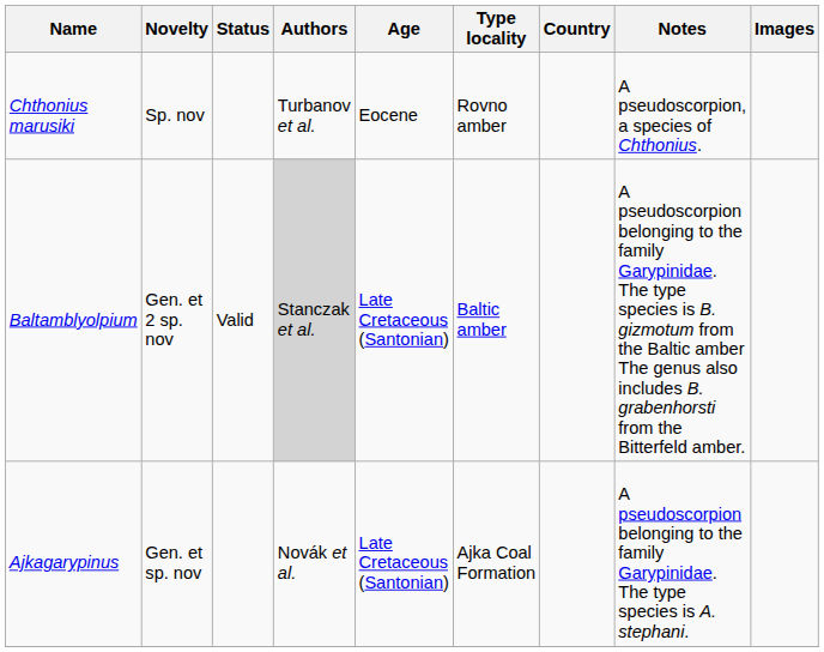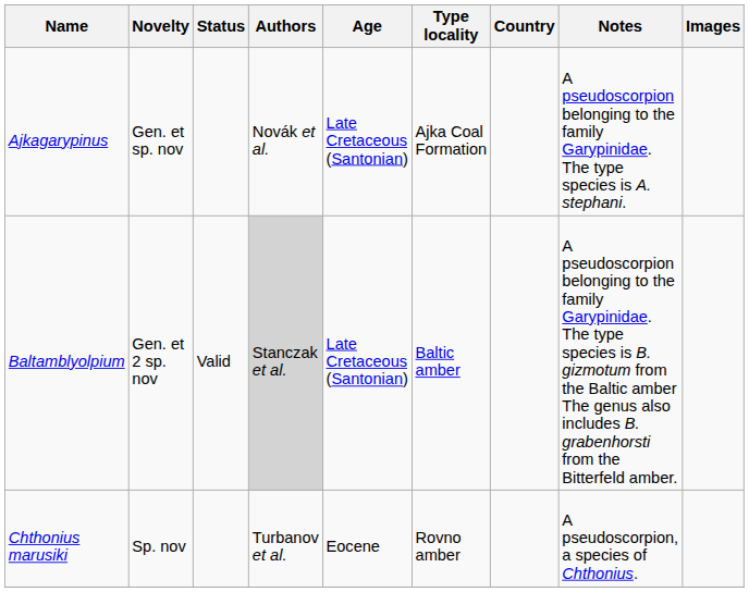 <table class="wikitable sortable" align="center" width="75%">
 <tr>
 <th>Name</th>
 <th>Novelty</th>
 <th>Status</th>
 <th>Authors</th>
 <th>Age</th>
 <th>Type locality</th>
 <th>Country</th>
 <th>Notes</th>
 <th>Images</th>
 </tr>
 <tr>
-<td><br><em><a href='#'>Chthonius marusiki</a></em></td>
-<td><br>Sp. nov</td>
+<td><br><em><a href='#'>Ajkagarypinus</a></em></td>
+<td><br>Gen. et sp. nov</td>
 <td></td>
-<td><br>Turbanov <em>et al.</em></td>
-<td><br>Eocene</td>
-<td><br>Rovno amber</td>
+<td><br>Novák <em>et al.</em></td>
+<td><br><a href='#'>Late Cretaceous</a> (<a href='#'>Santonian</a>)</td>
+<td><br>Ajka Coal Formation</td>
 <td><br></td>
-<td><br>A pseudoscorpion, a species of <em><a href='#'>Chthonius</a></em>.</td>
+<td><br>A <a href='#'>pseudoscorpion</a> belonging to the family <a href='#'>Garypinidae</a>. The type species is <em>A. stephani</em>.</td>
 <td></td>
 </tr>
 <tr>
 <td><br><em><a href='#'>Baltamblyolpium</a></em></td>
 <td><br>Gen. et 2 sp. nov</td>
 <td><br>Valid</td>
 <td style="background: lightgrey;"><br>Stanczak <em>et al.</em></td>
 <td><br><a href='#'>Late Cretaceous</a> (<a href='#'>Santonian</a>)</td>
 <td><br><a href='#'>Baltic amber</a></td>
 <td><br><br> </td>
 <td><br>A pseudoscorpion belonging to the family <a href='#'>Garypinidae</a>.<br> The type species is <em>B. gizmotum</em> from the Baltic amber<br> The genus also includes <em>B. grabenhorsti</em> from the Bitterfeld amber.</td>
 <td></td>
 </tr>
 <tr>
-<td><br><em><a href='#'>Ajkagarypinus</a></em></td>
-<td><br>Gen. et sp. nov</td>
+<td><br><em><a href='#'>Chthonius marusiki</a></em></td>
+<td><br>Sp. nov</td>
 <td></td>
-<td><br>Novák <em>et al.</em></td>
-<td><br><a href='#'>Late Cretaceous</a> (<a href='#'>Santonian</a>)</td>
-<td><br>Ajka Coal Formation</td>
+<td><br>Turbanov <em>et al.</em></td>
+<td><br>Eocene</td>
+<td><br>Rovno amber</td>
 <td><br></td>
-<td><br>A <a href='#'>pseudoscorpion</a> belonging to the family <a href='#'>Garypinidae</a>. The type species is <em>A. stephani</em>.</td>
+<td><br>A pseudoscorpion, a species of <em><a href='#'>Chthonius</a></em>.</td>
 <td></td>
 </tr>
 <tr>
 </tr>
 </table>
